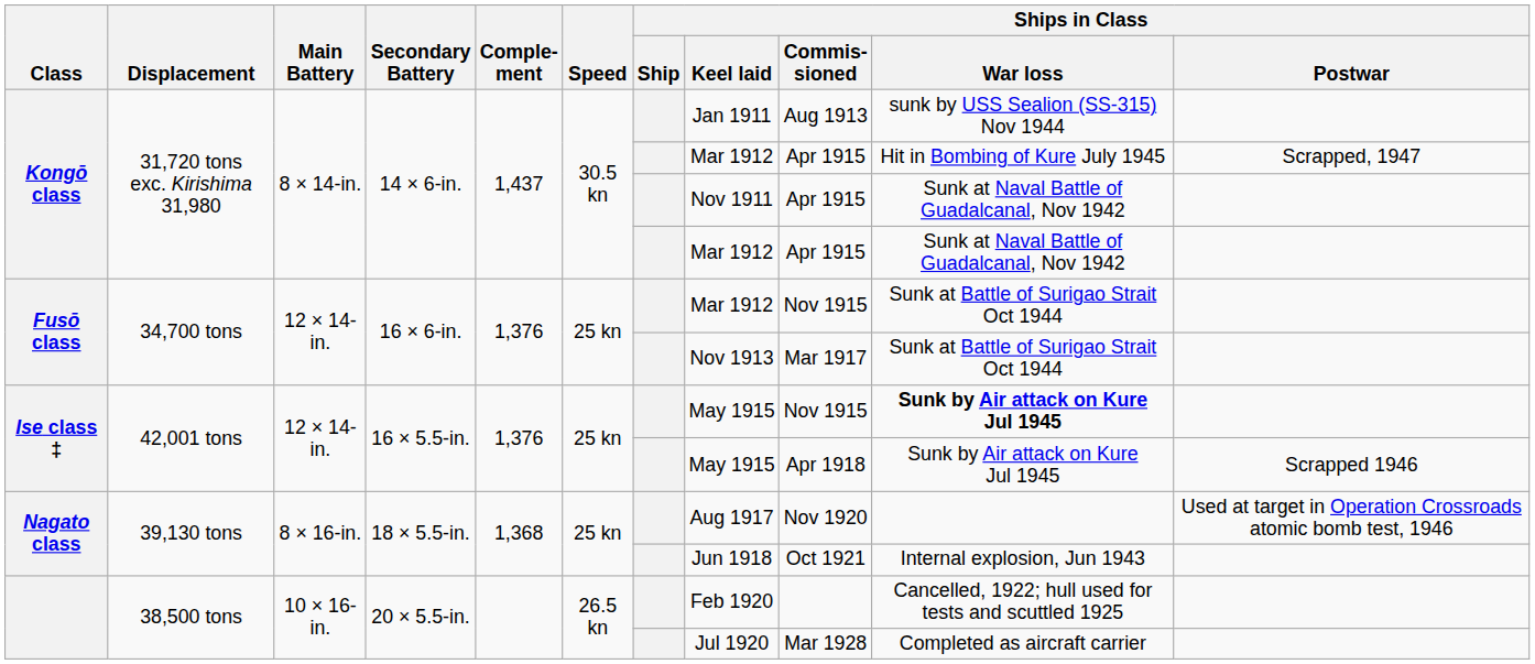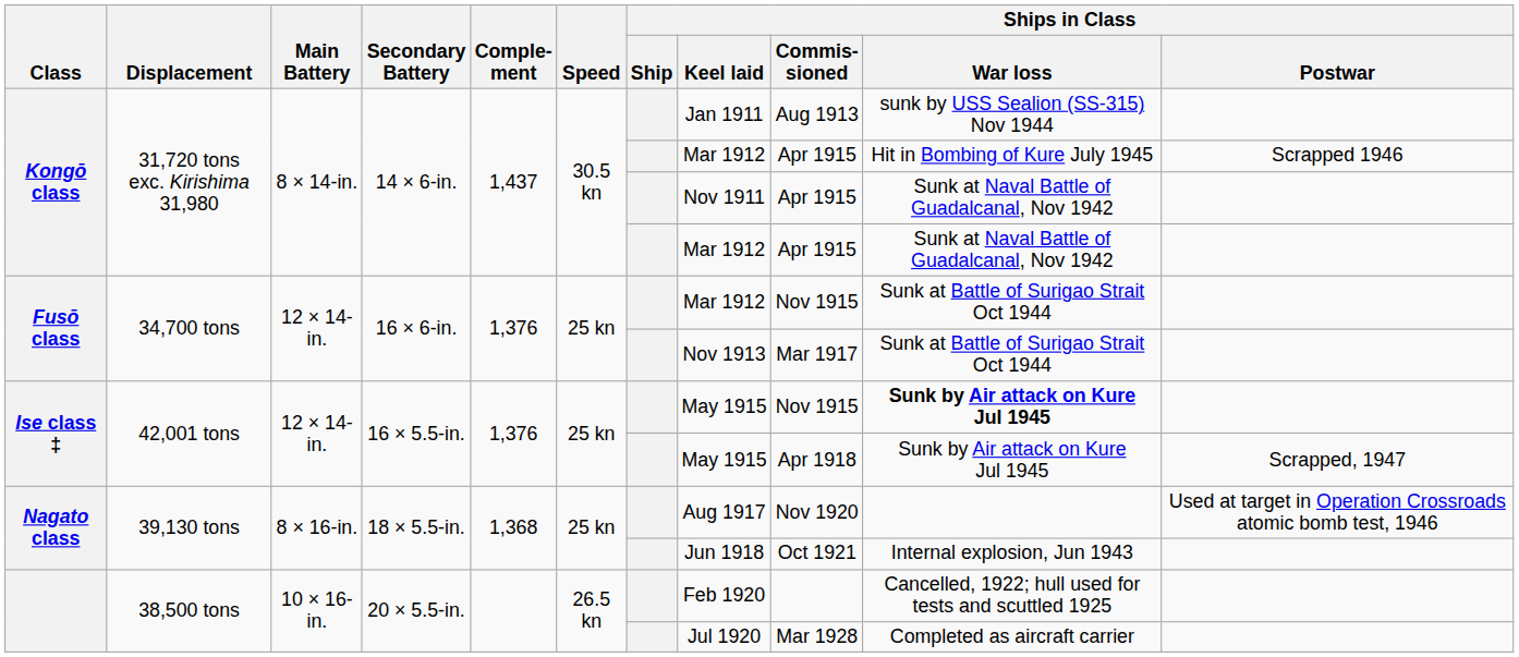 <table class="wikitable plainrowheaders" style="text-align: center;">
 <tr valign="bottom">
 <th scope="col" rowspan="2">Class</th>
 <th scope="col" rowspan="2">Displacement</th>
 <th scope="col" rowspan="2">Main<br>Battery</th>
 <th scope="col" rowspan="2">Secondary<br>Battery</th>
 <th scope="col" rowspan="2">Comple-<br>ment</th>
 <th scope="col" rowspan="2">Speed</th>
 <th scope="col" colspan="5">Ships in Class</th>
 </tr>
 <tr valign="bottom">
 <th scope="col">Ship</th>
 <th scope="col">Keel laid</th>
 <th scope="col">Commis-<br>sioned</th>
 <th scope="col">War loss</th>
 <th scope="col">Postwar</th>
 </tr>
 <tr>
 <th scope="row" rowspan=4><a href='#'><em>Kongō</em> class</a></th>
 <td scope="row" rowspan=4 style="text-align: center">31,720 tons<br>exc. <em>Kirishima</em> 31,980</td>
 <td scope="row" rowspan=4 style="text-align: center">8 × 14-in.</td>
 <td scope="row" rowspan=4 style="text-align: center">14 × 6-in.</td>
 <td scope="row" rowspan=4 style="text-align: center">1,437</td>
 <td scope="row" rowspan=4 style="text-align: center">30.5 kn</td>
 <th scope="row"></th>
 <td scope="row" style="text-align: center">Jan 1911</td>
 <td scope="row" style="text-align: center">Aug 1913</td>
 <td scope="row" style="text-align: center">sunk by <a href='#'>USS Sealion (SS-315)</a> Nov 1944</td>
 <td scope="row"></td>
 </tr>
 <tr>
 <th scope="row"></th>
 <td scope="row" style="text-align: center">Mar 1912</td>
 <td scope="row" style="text-align: center">Apr 1915</td>
 <td scope="row" style="text-align: center">Hit in <a href='#'>Bombing of Kure</a> July 1945</td>
-<td scope="row" style="text-align: center">Scrapped, 1947</td>
+<td scope="row" style="text-align: center">Scrapped 1946</td>
 </tr>
 <tr>
 <th scope="row"></th>
 <td scope="row" style="text-align: center">Nov 1911</td>
 <td scope="row" style="text-align: center">Apr 1915</td>
 <td scope="row" style="text-align: center">Sunk at <a href='#'>Naval Battle of Guadalcanal</a>, Nov 1942</td>
 <td scope="row"></td>
 </tr>
 <tr>
 <th scope="row"></th>
 <td scope="row" style="text-align: center">Mar 1912</td>
 <td scope="row" style="text-align: center">Apr 1915</td>
 <td scope="row" style="text-align: center">Sunk at <a href='#'>Naval Battle of Guadalcanal</a>, Nov 1942</td>
 <td scope="row"></td>
 </tr>
 <tr>
 <th scope="row" rowspan=2><a href='#'><em>Fusō</em> class</a></th>
 <td scope="row" rowspan=2 style="text-align: center">34,700 tons</td>
 <td scope="row" rowspan=2 style="text-align: center">12 × 14-in.</td>
 <td scope="row" rowspan=2 style="text-align: center">16 × 6-in.</td>
 <td scope="row" rowspan=2 style="text-align: center">1,376</td>
 <td scope="row" rowspan=2 style="text-align: center">25 kn</td>
 <th scope="row"></th>
 <td scope="row" style="text-align: center">Mar 1912</td>
 <td scope="row" style="text-align: center">Nov 1915</td>
 <td scope="row" style="text-align: center">Sunk at <a href='#'>Battle of Surigao Strait</a> Oct 1944</td>
 <td scope="row"></td>
 </tr>
 <tr>
 <th scope="row"></th>
 <td scope="row" style="text-align: center">Nov 1913</td>
 <td scope="row" style="text-align: center">Mar 1917</td>
 <td scope="row" style="text-align: center">Sunk at <a href='#'>Battle of Surigao Strait</a> Oct 1944</td>
 <td scope="row"></td>
 </tr>
 <tr>
 <th scope="row" rowspan=2><a href='#'><em>Ise</em> class</a> ‡</th>
 <td scope="row" rowspan=2 style="text-align: center">42,001 tons</td>
 <td scope="row" rowspan=2 style="text-align: center">12 × 14-in.</td>
 <td scope="row" rowspan=2 style="text-align: center">16 × 5.5-in.</td>
 <td scope="row" rowspan=2 style="text-align: center">1,376</td>
 <td scope="row" rowspan=2 style="text-align: center">25 kn</td>
 <th scope="row"></th>
 <td scope="row" style="text-align: center">May 1915</td>
 <td scope="row" style="text-align: center">Nov 1915</td>
 <td scope="row" style="text-align: center"><strong>Sunk by <a href='#'>Air attack on Kure</a> Jul 1945</strong></td>
 <td scope="row"></td>
 </tr>
 <tr>
 <th scope="row"></th>
 <td scope="row" style="text-align: center">May 1915</td>
 <td scope="row" style="text-align: center">Apr 1918</td>
 <td scope="row" style="text-align: center">Sunk by <a href='#'>Air attack on Kure</a> Jul 1945</td>
-<td scope="row" style="text-align: center">Scrapped 1946</td>
+<td scope="row" style="text-align: center">Scrapped, 1947</td>
 </tr>
 <tr>
 <th scope="row" rowspan=2><a href='#'><em>Nagato</em> class</a></th>
 <td scope="row" rowspan=2 style="text-align: center">39,130 tons</td>
 <td scope="row" rowspan=2 style="text-align: center">8 × 16-in.</td>
 <td scope="row" rowspan=2 style="text-align: center">18 × 5.5-in.</td>
 <td scope="row" rowspan=2 style="text-align: center">1,368</td>
 <td scope="row" rowspan=2 style="text-align: center">25 kn</td>
 <th scope="row"></th>
 <td scope="row" style="text-align: center">Aug 1917</td>
 <td scope="row" style="text-align: center">Nov 1920</td>
 <td scope="row"></td>
 <td scope="row" style="text-align: center">Used at target in <a href='#'>Operation Crossroads</a> atomic bomb test, 1946</td>
 </tr>
 <tr>
 <th scope="row"></th>
 <td scope="row" style="text-align: center">Jun 1918</td>
 <td scope="row" style="text-align: center">Oct 1921</td>
 <td scope="row" style="text-align: center">Internal explosion, Jun 1943</td>
 <td scope="row"></td>
 </tr>
 <tr>
 <th scope="row" rowspan=2></th>
 <td scope="row" rowspan=2 style="text-align: center">38,500 tons</td>
 <td scope="row" rowspan=2 style="text-align: center">10 × 16-in.</td>
 <td scope="row" rowspan=2 style="text-align: center">20 × 5.5-in.</td>
 <td scope="row" rowspan=2 style="text-align: center"></td>
 <td scope="row" rowspan=2 style="text-align: center">26.5 kn</td>
 <th scope="row"></th>
 <td scope="row" style="text-align: center">Feb 1920</td>
 <td scope="row" style="text-align: center"></td>
 <td scope="row" style="text-align: center">Cancelled, 1922; hull used for tests and scuttled 1925</td>
 <td scope="row" style="text-align: center"></td>
 </tr>
 <tr>
 <th scope="row"></th>
 <td scope="row" style="text-align: center">Jul 1920</td>
 <td scope="row" style="text-align: center">Mar 1928</td>
 <td scope="row" style="text-align: center">Completed as aircraft carrier</td>
 <td scope="row" style="text-align: center"></td>
 </tr>
 </table>
